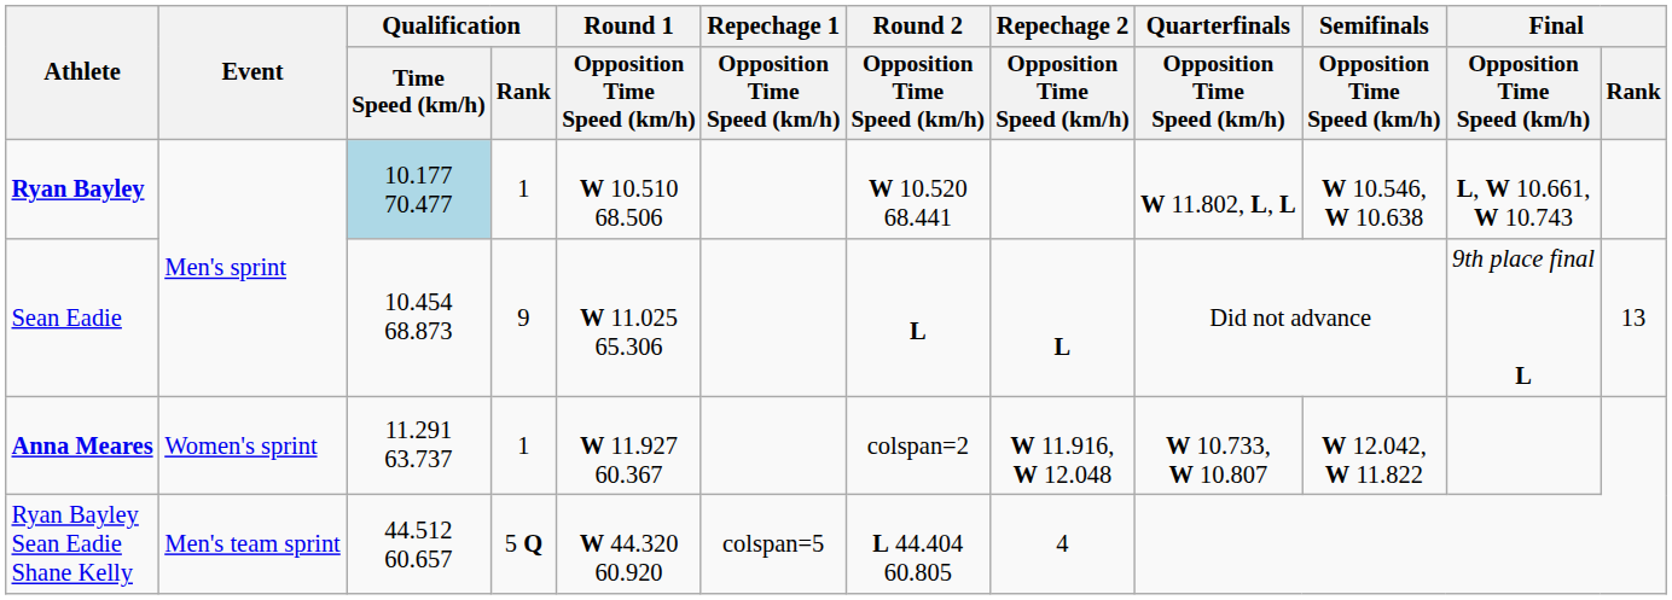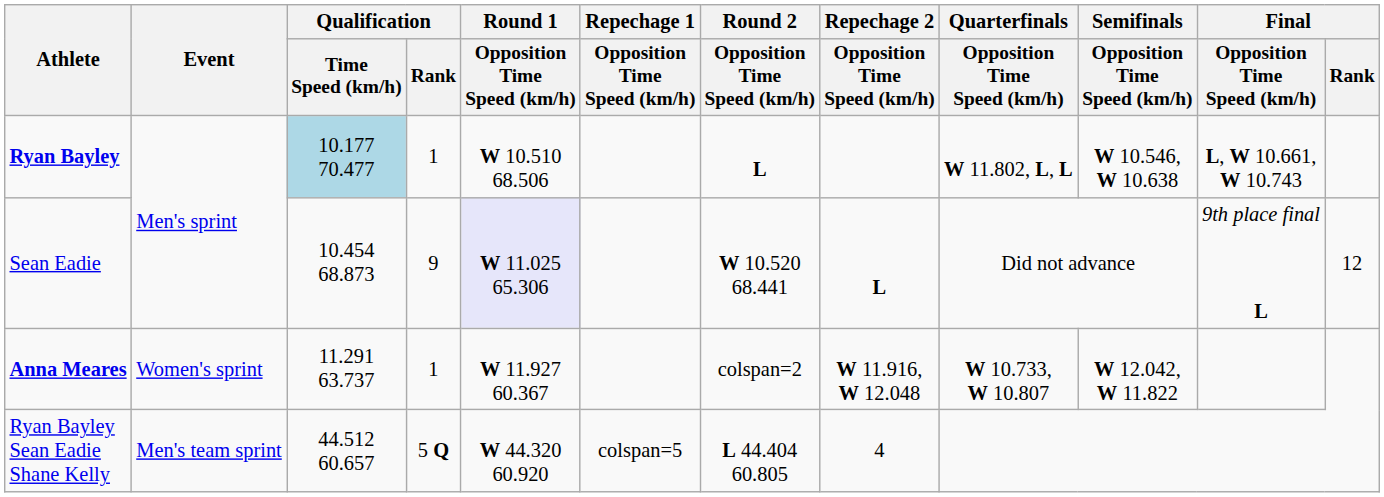 <table class="wikitable" style="font-size:90%">
 <tr>
 <th rowspan="2">Athlete</th>
 <th rowspan="2">Event</th>
 <th colspan=2>Qualification</th>
 <th>Round 1</th>
 <th>Repechage 1</th>
 <th>Round 2</th>
 <th>Repechage 2</th>
 <th>Quarterfinals</th>
 <th>Semifinals</th>
 <th colspan=2>Final</th>
 </tr>
 <tr style="font-size:95%">
 <th>Time<br>Speed (km/h)</th>
 <th>Rank</th>
 <th>Opposition<br>Time<br>Speed (km/h)</th>
 <th>Opposition<br>Time<br>Speed (km/h)</th>
 <th>Opposition<br>Time<br>Speed (km/h)</th>
 <th>Opposition<br>Time<br>Speed (km/h)</th>
 <th>Opposition<br>Time<br>Speed (km/h)</th>
 <th>Opposition<br>Time<br>Speed (km/h)</th>
 <th>Opposition<br>Time<br>Speed (km/h)</th>
 <th>Rank</th>
 </tr>
 <tr align=center>
 <td align=left><strong><a href='#'>Ryan Bayley</a></strong></td>
 <td align=left rowspan=2><a href='#'>Men's sprint</a></td>
 <td style="background: lightblue;">10.177<br>70.477</td>
 <td>1</td>
 <td><br><strong>W</strong> 10.510<br>68.506</td>
 <td></td>
-<td><br><strong>W</strong> 10.520<br>68.441</td>
+<td><br><strong>L</strong></td>
 <td></td>
 <td><br><strong>W</strong> 11.802, <strong>L</strong>, <strong>L</strong></td>
 <td><br><strong>W</strong> 10.546,<br><strong>W</strong> 10.638</td>
 <td><br><strong>L</strong>, <strong>W</strong> 10.661,<br><strong>W</strong> 10.743</td>
 <td></td>
 </tr>
 <tr align=center>
 <td align=left><a href='#'>Sean Eadie</a></td>
 <td>10.454<br>68.873</td>
 <td>9</td>
-<td><br><strong>W</strong> 11.025<br>65.306</td>
+<td style="background: lavender;"><br><strong>W</strong> 11.025<br>65.306</td>
 <td></td>
-<td><br><strong>L</strong></td>
+<td><br><strong>W</strong> 10.520<br>68.441</td>
 <td><br><br><strong>L</strong></td>
 <td colspan=2>Did not advance</td>
 <td><em>9th place final</em><br><br><br><br><strong>L</strong></td>
-<td>13</td>
+<td>12</td>
 </tr>
 <tr align=center>
 <td align=left><strong><a href='#'>Anna Meares</a></strong></td>
 <td align=left><a href='#'>Women's sprint</a></td>
 <td>11.291<br>63.737</td>
 <td>1</td>
 <td><br><strong>W</strong> 11.927<br>60.367</td>
 <td></td>
 <td>colspan=2 </td>
 <td><br><strong>W</strong> 11.916,<br><strong>W</strong> 12.048</td>
 <td><br><strong>W</strong> 10.733,<br><strong>W</strong> 10.807</td>
 <td><br> <strong>W</strong> 12.042,<br><strong>W</strong> 11.822</td>
 <td></td>
 </tr>
 <tr align=center>
 <td align=left><a href='#'>Ryan Bayley</a><br><a href='#'>Sean Eadie</a><br><a href='#'>Shane Kelly</a></td>
 <td align=left><a href='#'>Men's team sprint</a></td>
 <td>44.512<br>60.657</td>
 <td>5 <strong>Q</strong></td>
 <td><br><strong>W</strong> 44.320<br>60.920</td>
 <td>colspan=5 </td>
 <td><br><strong>L</strong> 44.404<br>60.805</td>
 <td>4</td>
 </tr>
 </table>
